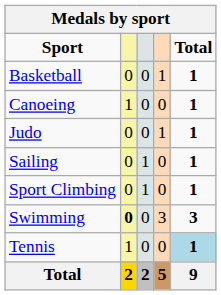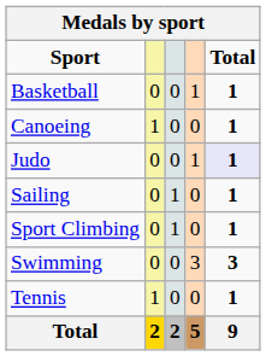 <table class="wikitable" style="text-align:center;font-size:85%;float:right;clear:right;">
 <tr style="background:#efefef;">
 <th colspan=5><strong>Medals by sport</strong></th>
 </tr>
 <tr>
 <td><strong>Sport</strong></td>
 <td bgcolor=#f7f6a8></td>
 <td bgcolor=#dce5e5></td>
 <td bgcolor=#ffdab9></td>
 <td><strong>Total</strong></td>
 </tr>
 <tr>
 <td align=left><a href='#'>Basketball</a></td>
 <td style="background:#F7F6A8;">0</td>
 <td style="background:#DCE5E5;">0</td>
 <td style="background:#FFDAB9;">1</td>
 <td><strong>1</strong></td>
 </tr>
 <tr>
 <td align=left><a href='#'>Canoeing</a></td>
 <td style="background:#F7F6A8;">1</td>
 <td style="background:#DCE5E5;">0</td>
 <td style="background:#FFDAB9;">0</td>
 <td><strong>1</strong></td>
 </tr>
 <tr>
 <td align=left><a href='#'>Judo</a></td>
 <td style="background:#F7F6A8;">0</td>
 <td style="background:#DCE5E5;">0</td>
 <td style="background:#FFDAB9;">1</td>
-<td><strong>1</strong></td>
+<td style="background: lavender;"><strong>1</strong></td>
 </tr>
 <tr>
 <td align=left><a href='#'>Sailing</a></td>
 <td style="background:#F7F6A8;">0</td>
 <td style="background:#DCE5E5;">1</td>
 <td style="background:#FFDAB9;">0</td>
 <td><strong>1</strong></td>
 </tr>
 <tr>
 <td align=left><a href='#'>Sport Climbing</a></td>
 <td style="background:#F7F6A8;">0</td>
 <td style="background:#DCE5E5;">1</td>
 <td style="background:#FFDAB9;">0</td>
 <td><strong>1</strong></td>
 </tr>
 <tr>
 <td align=left><a href='#'>Swimming</a></td>
-<td style="background:#F7F6A8;"><strong>0</strong></td>
+<td style="background:#F7F6A8;">0</td>
 <td style="background:#DCE5E5;">0</td>
 <td style="background:#FFDAB9;">3</td>
 <td><strong>3</strong></td>
 </tr>
 <tr>
 <td align=left><a href='#'>Tennis</a></td>
 <td style="background:#F7F6A8;">1</td>
 <td style="background:#DCE5E5;">0</td>
 <td style="background:#FFDAB9;">0</td>
-<td style="background: lightblue;"><strong>1</strong></td>
+<td><strong>1</strong></td>
 </tr>
 <tr>
 <th><strong>Total</strong></th>
 <th style="background:gold;"><strong>2</strong></th>
 <th style="background:silver;"><strong>2</strong></th>
 <th style="background:#c96;"><strong>5</strong></th>
 <th><strong>9</strong></th>
 </tr>
 </table>
